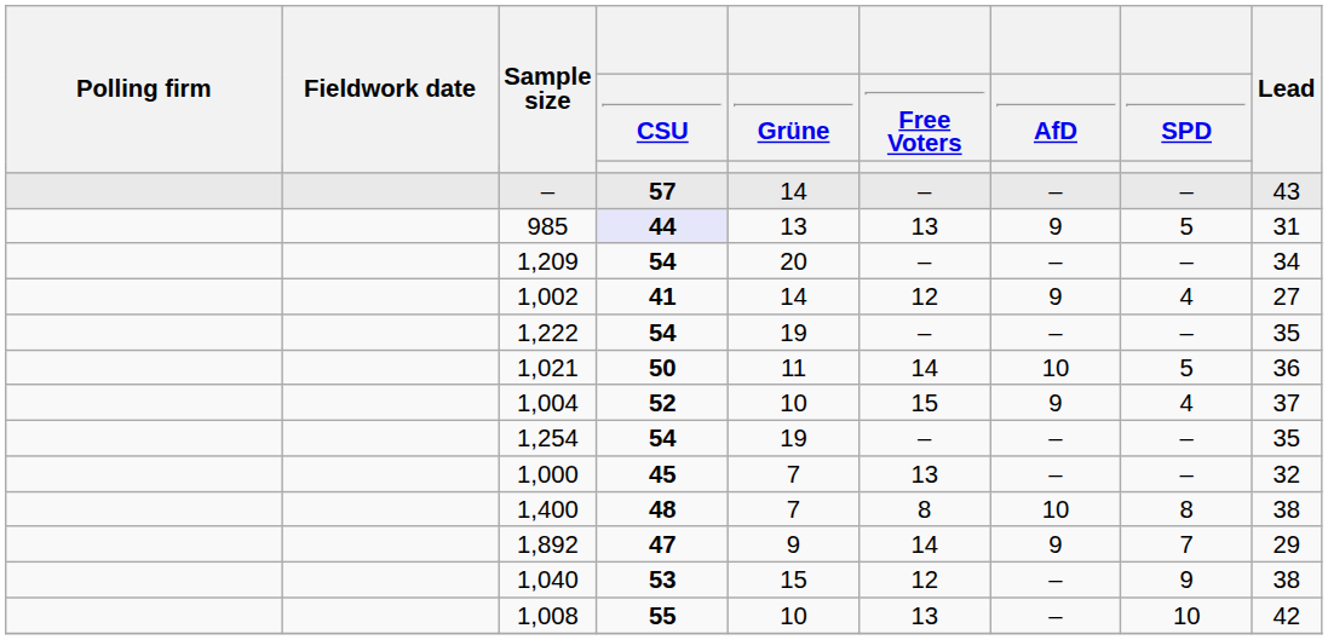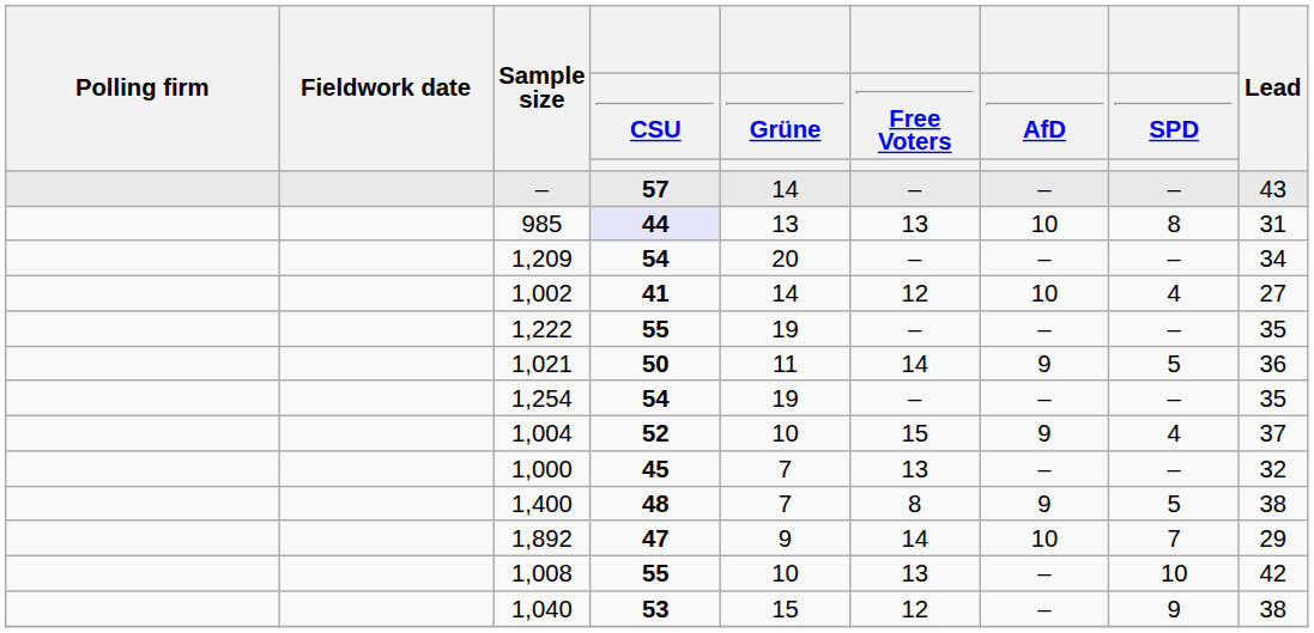 <table class="wikitable sortable" style="text-align:center;font-size:90%;line-height:14px;">
 <tr style="height:40px;">
 <th style="width:155px;" rowspan="3">Polling firm</th>
 <th style="width:120px;" rowspan="3">Fieldwork date</th>
 <th style="width:35px;" rowspan="3">Sample<br>size</th>
 <th class="unsortable" style="width:70px;"></th>
 <th class="unsortable" style="width:70px;"></th>
 <th class="unsortable" style="width:70px;"></th>
 <th class="unsortable" style="width:70px;"></th>
 <th class="unsortable" style="width:70px;"></th>
 <th style="width:30px;" rowspan="3">Lead</th>
 </tr>
 <tr>
 <th class="unsortable" style="width:40px;"><hr><a href='#'>CSU</a></th>
 <th class="unsortable" style="width:40px;"><hr><a href='#'>Grüne</a></th>
 <th class="unsortable" style="width:40px;"><hr><a href='#'>Free Voters</a></th>
 <th class="unsortable" style="width:40px;"><hr><a href='#'>AfD</a></th>
 <th class="unsortable" style="width:40px;"><hr><a href='#'>SPD</a></th>
 </tr>
 <tr>
 <th style="background:"></th>
 <th style="background:"></th>
 <th style="background:"></th>
 <th style="background:"></th>
 <th style="background:"></th>
 </tr>
 <tr style="background:#E9E9E9;">
 <td></td>
 <td></td>
 <td>–</td>
 <td><strong>57</strong></td>
 <td>14</td>
 <td>–</td>
 <td>–</td>
 <td>–</td>
 <td style="background:">43</td>
 </tr>
 <tr>
 <td></td>
 <td></td>
 <td>985</td>
 <td style="background: lavender;"><strong>44</strong></td>
 <td>13</td>
 <td>13</td>
-<td>9</td>
-<td>5</td>
+<td>10</td>
+<td>8</td>
 <td style="background:">31</td>
 </tr>
 <tr>
 <td></td>
 <td></td>
 <td>1,209</td>
 <td><strong>54</strong></td>
 <td>20</td>
 <td>–</td>
 <td>–</td>
 <td>–</td>
 <td style="background:">34</td>
 </tr>
 <tr>
 <td></td>
 <td></td>
 <td>1,002</td>
 <td><strong>41</strong></td>
 <td>14</td>
 <td>12</td>
-<td>9</td>
+<td>10</td>
 <td>4</td>
 <td style="background:">27</td>
 </tr>
 <tr>
 <td></td>
 <td></td>
 <td>1,222</td>
-<td><strong>54</strong></td>
+<td><strong>55</strong></td>
 <td>19</td>
 <td>–</td>
 <td>–</td>
 <td>–</td>
 <td style="background:">35</td>
 </tr>
 <tr>
 <td></td>
 <td></td>
 <td>1,021</td>
 <td><strong>50</strong></td>
 <td>11</td>
 <td>14</td>
-<td>10</td>
+<td>9</td>
 <td>5</td>
 <td style="background:">36</td>
+</tr>
+<tr>
+<td></td>
+<td></td>
+<td>1,254</td>
+<td><strong>54</strong></td>
+<td>19</td>
+<td>–</td>
+<td>–</td>
+<td>–</td>
+<td style="background:">35</td>
 </tr>
 <tr>
 <td></td>
 <td></td>
 <td>1,004</td>
 <td><strong>52</strong></td>
 <td>10</td>
 <td>15</td>
 <td>9</td>
 <td>4</td>
 <td style="background:">37</td>
-</tr>
-<tr>
-<td></td>
-<td></td>
-<td>1,254</td>
-<td><strong>54</strong></td>
-<td>19</td>
-<td>–</td>
-<td>–</td>
-<td>–</td>
-<td style="background:">35</td>
 </tr>
 <tr>
 <td></td>
 <td></td>
 <td>1,000</td>
 <td><strong>45</strong></td>
 <td>7</td>
 <td>13</td>
 <td>–</td>
 <td>–</td>
 <td style="background:">32</td>
 </tr>
 <tr>
 <td></td>
 <td></td>
 <td>1,400</td>
 <td><strong>48</strong></td>
 <td>7</td>
 <td>8</td>
-<td>10</td>
-<td>8</td>
+<td>9</td>
+<td>5</td>
 <td style="background:">38</td>
 </tr>
 <tr>
 <td></td>
 <td></td>
 <td>1,892</td>
 <td><strong>47</strong></td>
 <td>9</td>
 <td>14</td>
-<td>9</td>
+<td>10</td>
 <td>7</td>
 <td style="background:">29</td>
+</tr>
+<tr>
+<td></td>
+<td></td>
+<td>1,008</td>
+<td><strong>55</strong></td>
+<td>10</td>
+<td>13</td>
+<td>–</td>
+<td>10</td>
+<td style="background:">42</td>
 </tr>
 <tr>
 <td></td>
 <td></td>
 <td>1,040</td>
 <td><strong>53</strong></td>
 <td>15</td>
 <td>12</td>
 <td>–</td>
 <td>9</td>
 <td style="background:">38</td>
 </tr>
 <tr>
-<td></td>
-<td></td>
-<td>1,008</td>
-<td><strong>55</strong></td>
-<td>10</td>
-<td>13</td>
-<td>–</td>
-<td>10</td>
-<td style="background:">42</td>
-</tr>
-<tr>
 </tr>
 </table>
